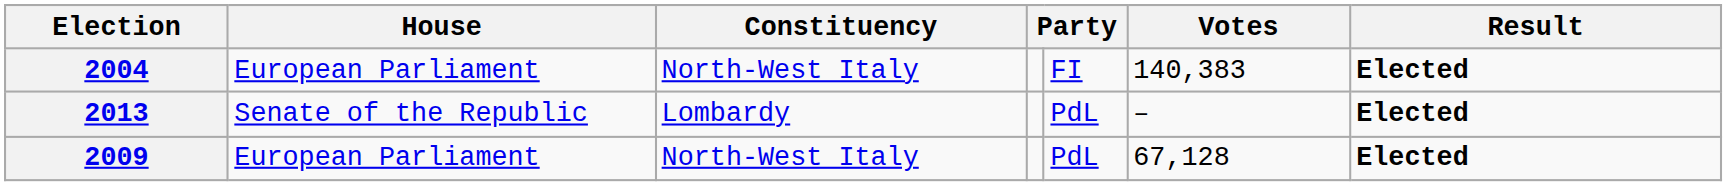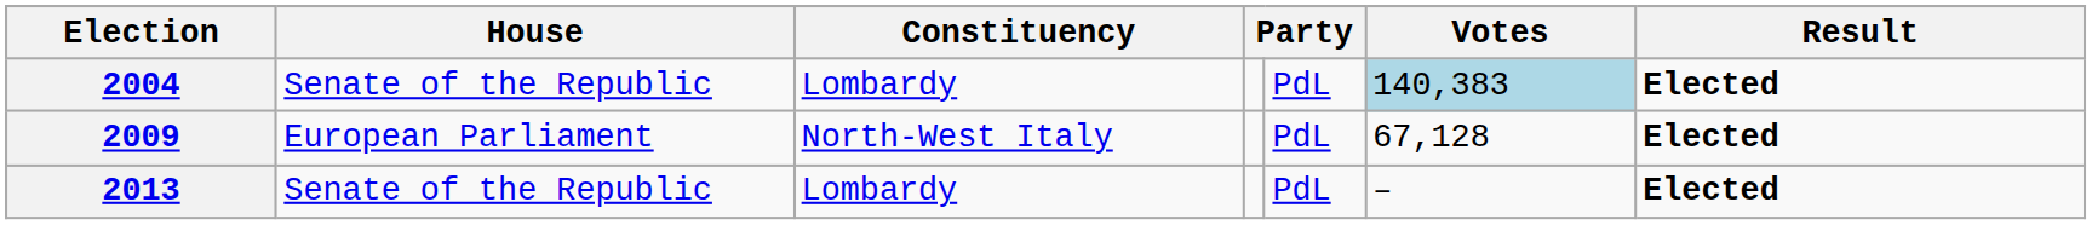 <table class=wikitable style="width:66%; border:1px #AAAAFF solid">
 <tr>
 <th width=12%>Election</th>
 <th width=23%>House</th>
 <th width=20%>Constituency</th>
 <th width=5% colspan="2">Party</th>
 <th width=12%>Votes</th>
 <th width=20%>Result</th>
 </tr>
 <tr>
 <th><a href='#'>2004</a></th>
+<td><a href='#'>Senate of the Republic</a></td>
+<td><a href='#'>Lombardy</a></td>
+<td></td>
+<td><a href='#'>PdL</a></td>
+<td style="background: lightblue;">140,383</td>
+<td> <strong>Elected</strong></td>
+</tr>
+<tr>
+<th><a href='#'>2009</a></th>
 <td><a href='#'>European Parliament</a></td>
 <td><a href='#'>North-West Italy</a></td>
 <td></td>
-<td><a href='#'>FI</a></td>
-<td>140,383</td>
+<td><a href='#'>PdL</a></td>
+<td>67,128</td>
 <td> <strong>Elected</strong></td>
 </tr>
 <tr>
 <th><a href='#'>2013</a></th>
 <td><a href='#'>Senate of the Republic</a></td>
 <td><a href='#'>Lombardy</a></td>
 <td></td>
 <td><a href='#'>PdL</a></td>
 <td>–</td>
 <td> <strong>Elected</strong></td>
 </tr>
-<tr>
-<th><a href='#'>2009</a></th>
-<td><a href='#'>European Parliament</a></td>
-<td><a href='#'>North-West Italy</a></td>
-<td></td>
-<td><a href='#'>PdL</a></td>
-<td>67,128</td>
-<td> <strong>Elected</strong></td>
-</tr>
 </table>
